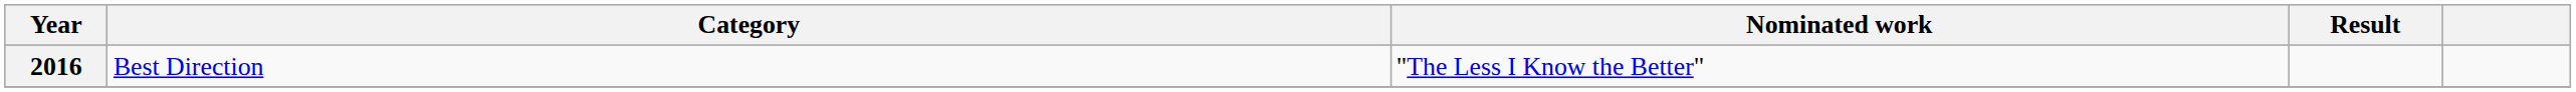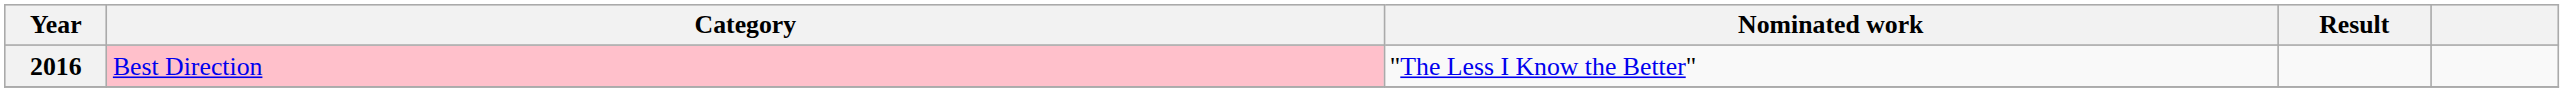 <table class="wikitable plainrowheaders" style="width:80%;">
 <tr>
 <th scope="col" style="width:4%;">Year</th>
 <th scope="col" style="width:50%;">Category</th>
 <th scope="col" style="width:35%;">Nominated work</th>
 <th scope="col" style="width:6%;">Result</th>
 <th scope="col" style="width:6%;"></th>
 </tr>
 <tr>
 <th scope="row">2016</th>
-<td><a href='#'>Best Direction</a></td>
+<td style="background: pink;"><a href='#'>Best Direction</a></td>
 <td>"<a href='#'>The Less I Know the Better</a>"</td>
 <td></td>
 <td></td>
 </tr>
 <tr>
 </tr>
 </table>
